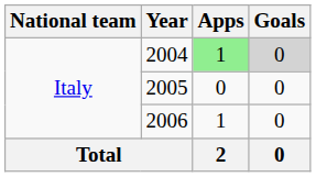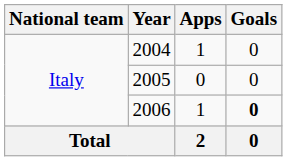 <table class=wikitable style="text-align: center;">
 <tr>
 <th>National team</th>
 <th>Year</th>
 <th>Apps</th>
 <th>Goals</th>
 </tr>
 <tr>
 <td rowspan=3><a href='#'>Italy</a></td>
 <td>2004</td>
-<td style="background: lightgreen;">1</td>
-<td style="background: lightgrey;">0</td>
+<td>1</td>
+<td>0</td>
 </tr>
 <tr>
 <td>2005</td>
 <td>0</td>
 <td>0</td>
 </tr>
 <tr>
 <td>2006</td>
 <td>1</td>
-<td>0</td>
+<td><strong>0</strong></td>
 </tr>
 <tr>
 <th colspan=2>Total</th>
 <th>2</th>
 <th>0</th>
 </tr>
 </table>
